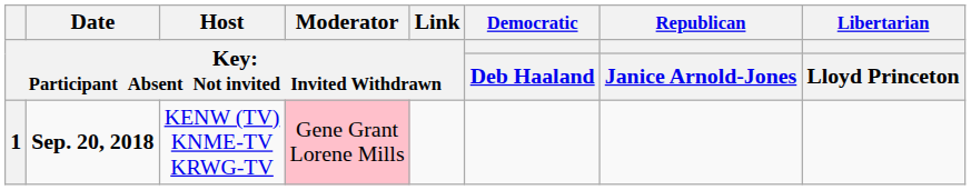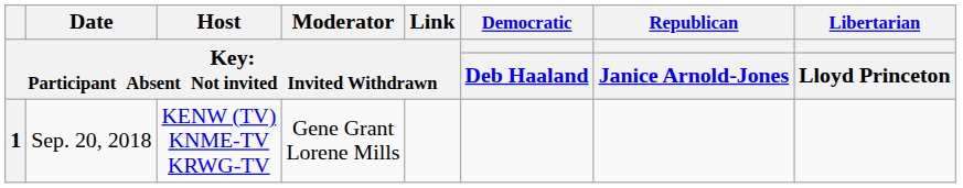 <table class="wikitable" style="text-align:center;">
 <tr>
 <th scope="col"></th>
 <th scope="col">Date</th>
 <th scope="col">Host</th>
 <th scope="col">Moderator</th>
 <th scope="col">Link</th>
 <th scope="col"><small><a href='#'>Democratic</a></small></th>
 <th scope="col"><small><a href='#'>Republican</a></small></th>
 <th scope="col"><small><a href='#'>Libertarian</a></small></th>
 </tr>
 <tr>
 <th colspan="5" rowspan="2">Key:<br> <small>Participant </small>  <small>Absent </small>  <small>Not invited </small>  <small>Invited  Withdrawn</small></th>
 <th scope="col" style="background:"></th>
 <th scope="col" style="background:"></th>
 <th scope="col" style="background:"></th>
 </tr>
 <tr>
 <th scope="col"><a href='#'>Deb Haaland</a></th>
 <th scope="col"><a href='#'>Janice Arnold-Jones</a></th>
 <th scope="col">Lloyd Princeton</th>
 </tr>
 <tr>
 <th>1</th>
-<td style="white-space:nowrap;"><strong>Sep. 20, 2018</strong></td>
+<td style="white-space:nowrap;">Sep. 20, 2018</td>
 <td style="white-space:nowrap;"><a href='#'>KENW (TV)</a><br><a href='#'>KNME-TV</a><br><a href='#'>KRWG-TV</a></td>
-<td style="background: pink; white-space:nowrap;">Gene Grant<br>Lorene Mills</td>
+<td style="white-space:nowrap;">Gene Grant<br>Lorene Mills</td>
 <td style="white-space:nowrap;"></td>
 <td></td>
 <td></td>
 <td></td>
 </tr>
 </table>
